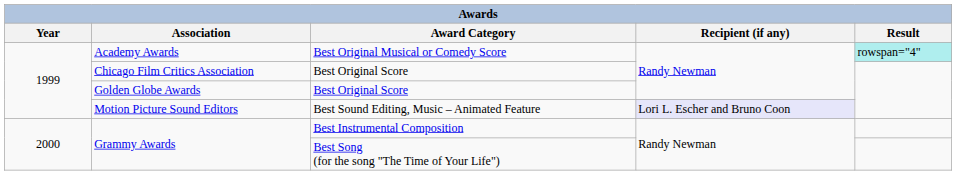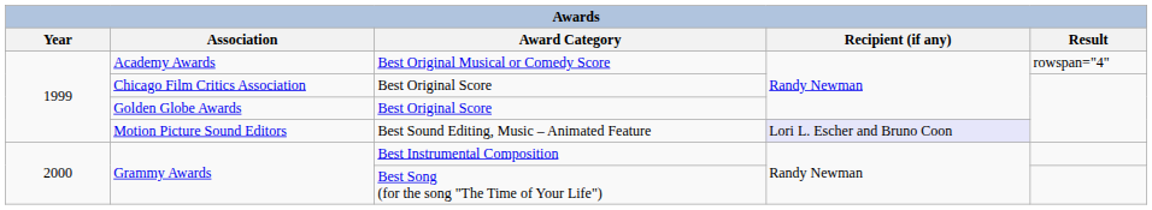 <table class="wikitable sortable" style="width:100%;">
 <tr>
 <th colspan="5" style="background: LightSteelBlue;">Awards</th>
 </tr>
 <tr style="background:#ccc; text-align:center;">
 <th width="075"><strong>Year</strong></th>
 <th width="200"><strong>Association</strong></th>
 <th width="300"><strong>Award Category</strong></th>
 <th width="200"><strong>Recipient (if any)</strong></th>
 <th width="80">Result</th>
 </tr>
 <tr>
 <td rowspan="4" style="text-align:center;">1999</td>
 <td><a href='#'>Academy Awards</a></td>
 <td><a href='#'>Best Original Musical or Comedy Score</a></td>
 <td rowspan="3"><a href='#'>Randy Newman</a></td>
-<td style="background: paleturquoise;">rowspan="4" </td>
+<td>rowspan="4" </td>
 </tr>
 <tr>
 <td><a href='#'>Chicago Film Critics Association</a></td>
 <td>Best Original Score</td>
 </tr>
 <tr>
 <td><a href='#'>Golden Globe Awards</a></td>
 <td><a href='#'>Best Original Score</a></td>
 </tr>
 <tr>
 <td><a href='#'>Motion Picture Sound Editors</a></td>
 <td>Best Sound Editing, Music – Animated Feature</td>
 <td style="background: lavender;">Lori L. Escher and Bruno Coon</td>
 </tr>
 <tr>
 <td rowspan="2" style="text-align:center;">2000</td>
 <td rowspan="2"><a href='#'>Grammy Awards</a></td>
 <td><a href='#'>Best Instrumental Composition</a></td>
 <td rowspan="2">Randy Newman</td>
 <td></td>
 </tr>
 <tr>
 <td><a href='#'>Best Song</a><br>(for the song "The Time of Your Life")</td>
 <td></td>
 </tr>
 </table>
